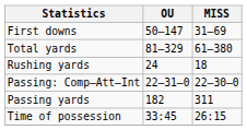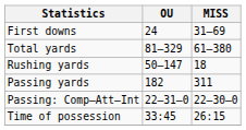 <table class="wikitable" style="float: left;">
 <tr>
 <th>Statistics</th>
 <th>OU</th>
 <th>MISS</th>
 </tr>
 <tr>
 <td>First downs</td>
-<td>50–147</td>
+<td>24</td>
 <td>31–69</td>
 </tr>
 <tr>
 <td>Total yards</td>
 <td>81–329</td>
 <td>61–380</td>
 </tr>
 <tr>
 <td>Rushing yards</td>
-<td>24</td>
+<td>50–147</td>
 <td>18</td>
+</tr>
+<tr>
+<td>Passing yards</td>
+<td>182</td>
+<td>311</td>
 </tr>
 <tr>
 <td>Passing: Comp–Att–Int</td>
 <td>22–31–0</td>
 <td>22–30–0</td>
-</tr>
-<tr>
-<td>Passing yards</td>
-<td>182</td>
-<td>311</td>
 </tr>
 <tr>
 <td>Time of possession</td>
 <td>33:45</td>
 <td>26:15</td>
 </tr>
 <tr>
 </tr>
 </table>
